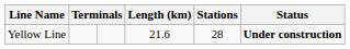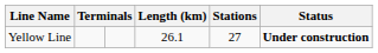 <table class="wikitable sortable" style="font-size:90%;">
 <tr>
 <th>Line Name</th>
 <th colspan="2">Terminals</th>
 <th>Length (km)</th>
 <th>Stations</th>
 <th>Status</th>
 </tr>
 <tr>
 <td style="background:#"><span>Yellow Line</span></td>
 <td></td>
 <td></td>
-<td style="text-align:center;">21.6</td>
-<td style="text-align:center">28</td>
+<td style="text-align:center;">26.1</td>
+<td style="text-align:center">27</td>
 <td><strong>Under construction</strong></td>
 </tr>
 </table>
